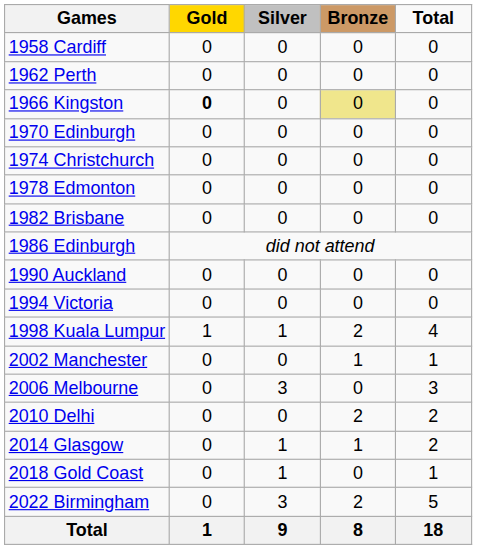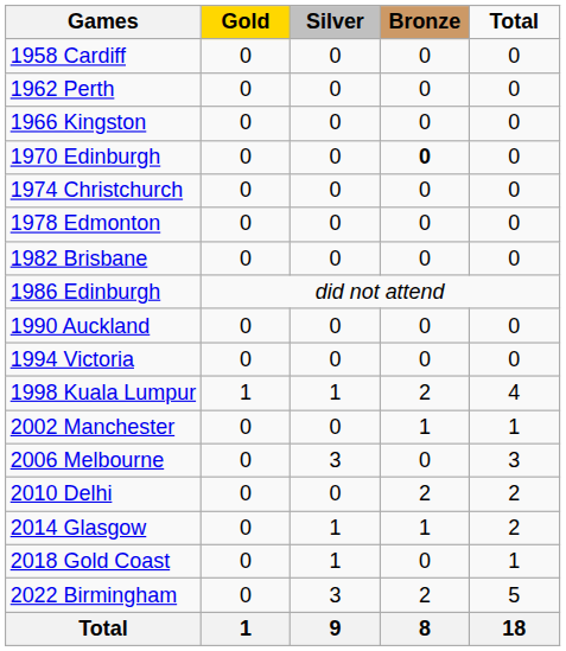 <table class="wikitable" style="text-align:center">
 <tr>
 <th>Games</th>
 <td width=60 bgcolor=gold><strong>Gold</strong></td>
 <td width=60 bgcolor=silver><strong>Silver</strong></td>
 <td width=60 bgcolor=cc9966><strong>Bronze</strong></td>
 <td width=60><strong>Total</strong></td>
 </tr>
 <tr>
 <td align=left><a href='#'>1958 Cardiff</a></td>
 <td>0</td>
 <td>0</td>
 <td>0</td>
 <td>0</td>
 </tr>
 <tr>
 <td align=left><a href='#'>1962 Perth</a></td>
 <td>0</td>
 <td>0</td>
 <td>0</td>
 <td>0</td>
 </tr>
 <tr>
 <td align=left><a href='#'>1966 Kingston</a></td>
-<td><strong>0</strong></td>
 <td>0</td>
-<td style="background: khaki;">0</td>
+<td>0</td>
+<td>0</td>
 <td>0</td>
 </tr>
 <tr>
 <td align=left><a href='#'>1970 Edinburgh</a></td>
 <td>0</td>
 <td>0</td>
-<td>0</td>
+<td><strong>0</strong></td>
 <td>0</td>
 </tr>
 <tr>
 <td align=left><a href='#'>1974 Christchurch</a></td>
 <td>0</td>
 <td>0</td>
 <td>0</td>
 <td>0</td>
 </tr>
 <tr>
 <td align=left><a href='#'>1978 Edmonton</a></td>
 <td>0</td>
 <td>0</td>
 <td>0</td>
 <td>0</td>
 </tr>
 <tr>
 <td align=left><a href='#'>1982 Brisbane</a></td>
 <td>0</td>
 <td>0</td>
 <td>0</td>
 <td>0</td>
 </tr>
 <tr>
 <td align=left><a href='#'>1986 Edinburgh</a></td>
 <td colspan=4><em>did not attend</em></td>
 </tr>
 <tr>
 <td align=left><a href='#'>1990 Auckland</a></td>
 <td>0</td>
 <td>0</td>
 <td>0</td>
 <td>0</td>
 </tr>
 <tr>
 <td align=left><a href='#'>1994 Victoria</a></td>
 <td>0</td>
 <td>0</td>
 <td>0</td>
 <td>0</td>
 </tr>
 <tr>
 <td align=left><a href='#'>1998 Kuala Lumpur</a></td>
 <td>1</td>
 <td>1</td>
 <td>2</td>
 <td>4</td>
 </tr>
 <tr>
 <td align=left><a href='#'>2002 Manchester</a></td>
 <td>0</td>
 <td>0</td>
 <td>1</td>
 <td>1</td>
 </tr>
 <tr>
 <td align=left><a href='#'>2006 Melbourne</a></td>
 <td>0</td>
 <td>3</td>
 <td>0</td>
 <td>3</td>
 </tr>
 <tr>
 <td align=left><a href='#'>2010 Delhi</a></td>
 <td>0</td>
 <td>0</td>
 <td>2</td>
 <td>2</td>
 </tr>
 <tr>
 <td align=left><a href='#'>2014 Glasgow</a></td>
 <td>0</td>
 <td>1</td>
 <td>1</td>
 <td>2</td>
 </tr>
 <tr>
 <td align=left><a href='#'>2018 Gold Coast</a></td>
 <td>0</td>
 <td>1</td>
 <td>0</td>
 <td>1</td>
 </tr>
 <tr>
 <td align=left><a href='#'>2022 Birmingham</a></td>
 <td>0</td>
 <td>3</td>
 <td>2</td>
 <td>5</td>
 </tr>
 <tr>
 <th>Total</th>
 <th>1</th>
 <th>9</th>
 <th>8</th>
 <th>18</th>
 </tr>
 </table>
